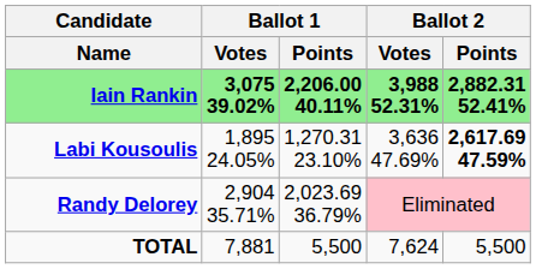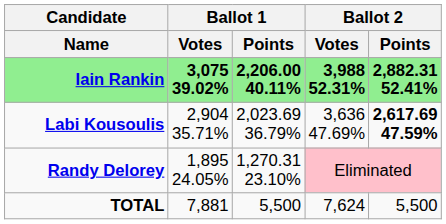 <table class="wikitable">
 <tr>
 <th>Candidate</th>
 <th colspan = "2">Ballot 1</th>
 <th colspan = "2">Ballot 2</th>
 </tr>
 <tr>
 <th style="width:150px;">Name</th>
 <th style="width:50px;">Votes</th>
 <th style="width:50px;">Points</th>
 <th style="width:50px;">Votes</th>
 <th style="width:50px;">Points</th>
 </tr>
 <tr style="text-align:right;background:lightgreen;">
 <td><strong><a href='#'>Iain Rankin</a></strong></td>
 <td><strong>3,075<br>39.02%</strong></td>
 <td><strong>2,206.00<br>40.11%</strong></td>
 <td><strong>3,988<br>52.31%</strong></td>
 <td><strong>2,882.31<br>52.41%</strong></td>
 </tr>
 <tr style="text-align:right;">
 <td><strong><a href='#'>Labi Kousoulis</a></strong></td>
-<td>1,895<br>24.05%</td>
-<td>1,270.31<br>23.10%</td>
+<td>2,904<br>35.71%</td>
+<td>2,023.69<br>36.79%</td>
 <td>3,636<br>47.69%</td>
 <td><strong>2,617.69<br>47.59%</strong></td>
 </tr>
 <tr style="text-align:right;">
 <td><strong><a href='#'>Randy Delorey</a></strong></td>
-<td>2,904<br>35.71%</td>
-<td>2,023.69<br>36.79%</td>
+<td>1,895<br>24.05%</td>
+<td>1,270.31<br>23.10%</td>
 <td style="text-align:center; background:pink" colspan=2>Eliminated</td>
 </tr>
 <tr style="text-align:right;">
 <td><strong>TOTAL</strong></td>
 <td>7,881</td>
 <td>5,500</td>
 <td>7,624</td>
 <td>5,500</td>
 </tr>
 </table>
